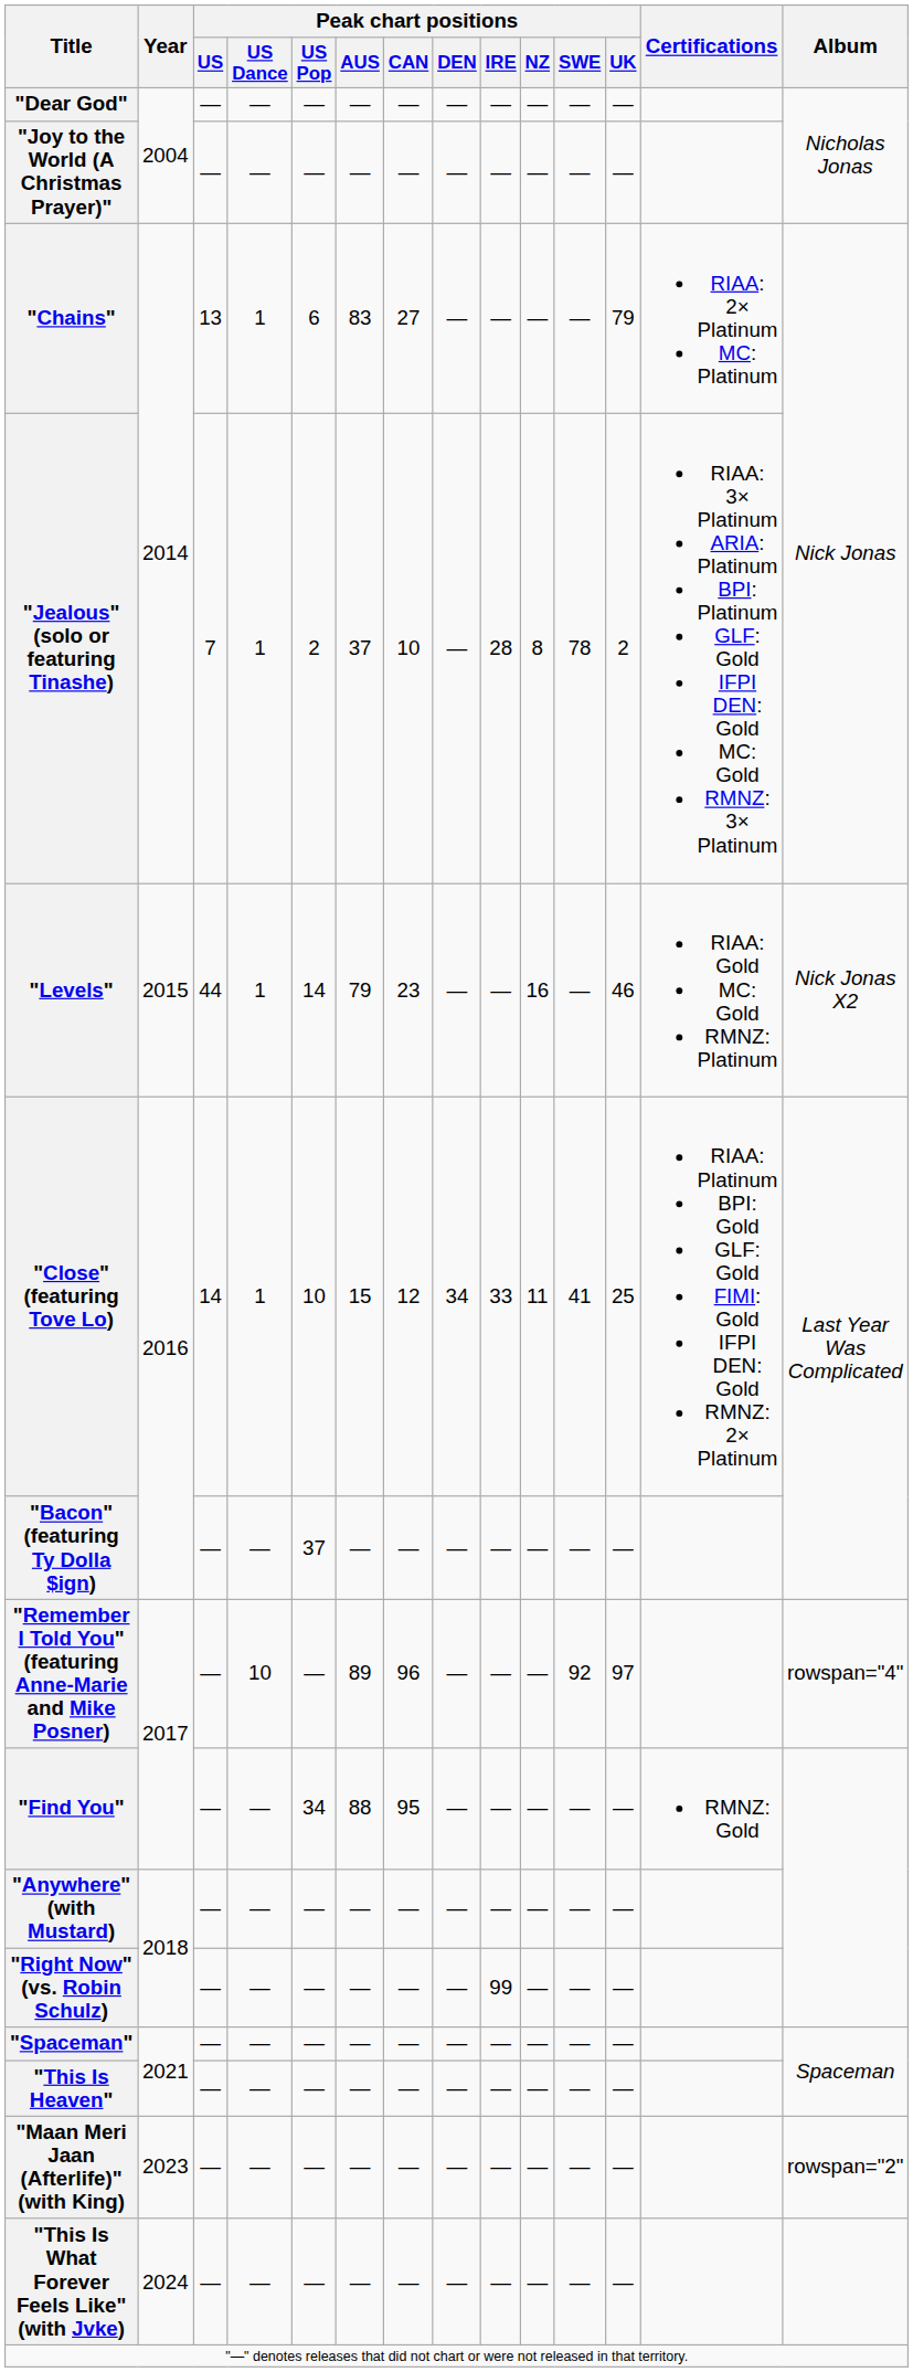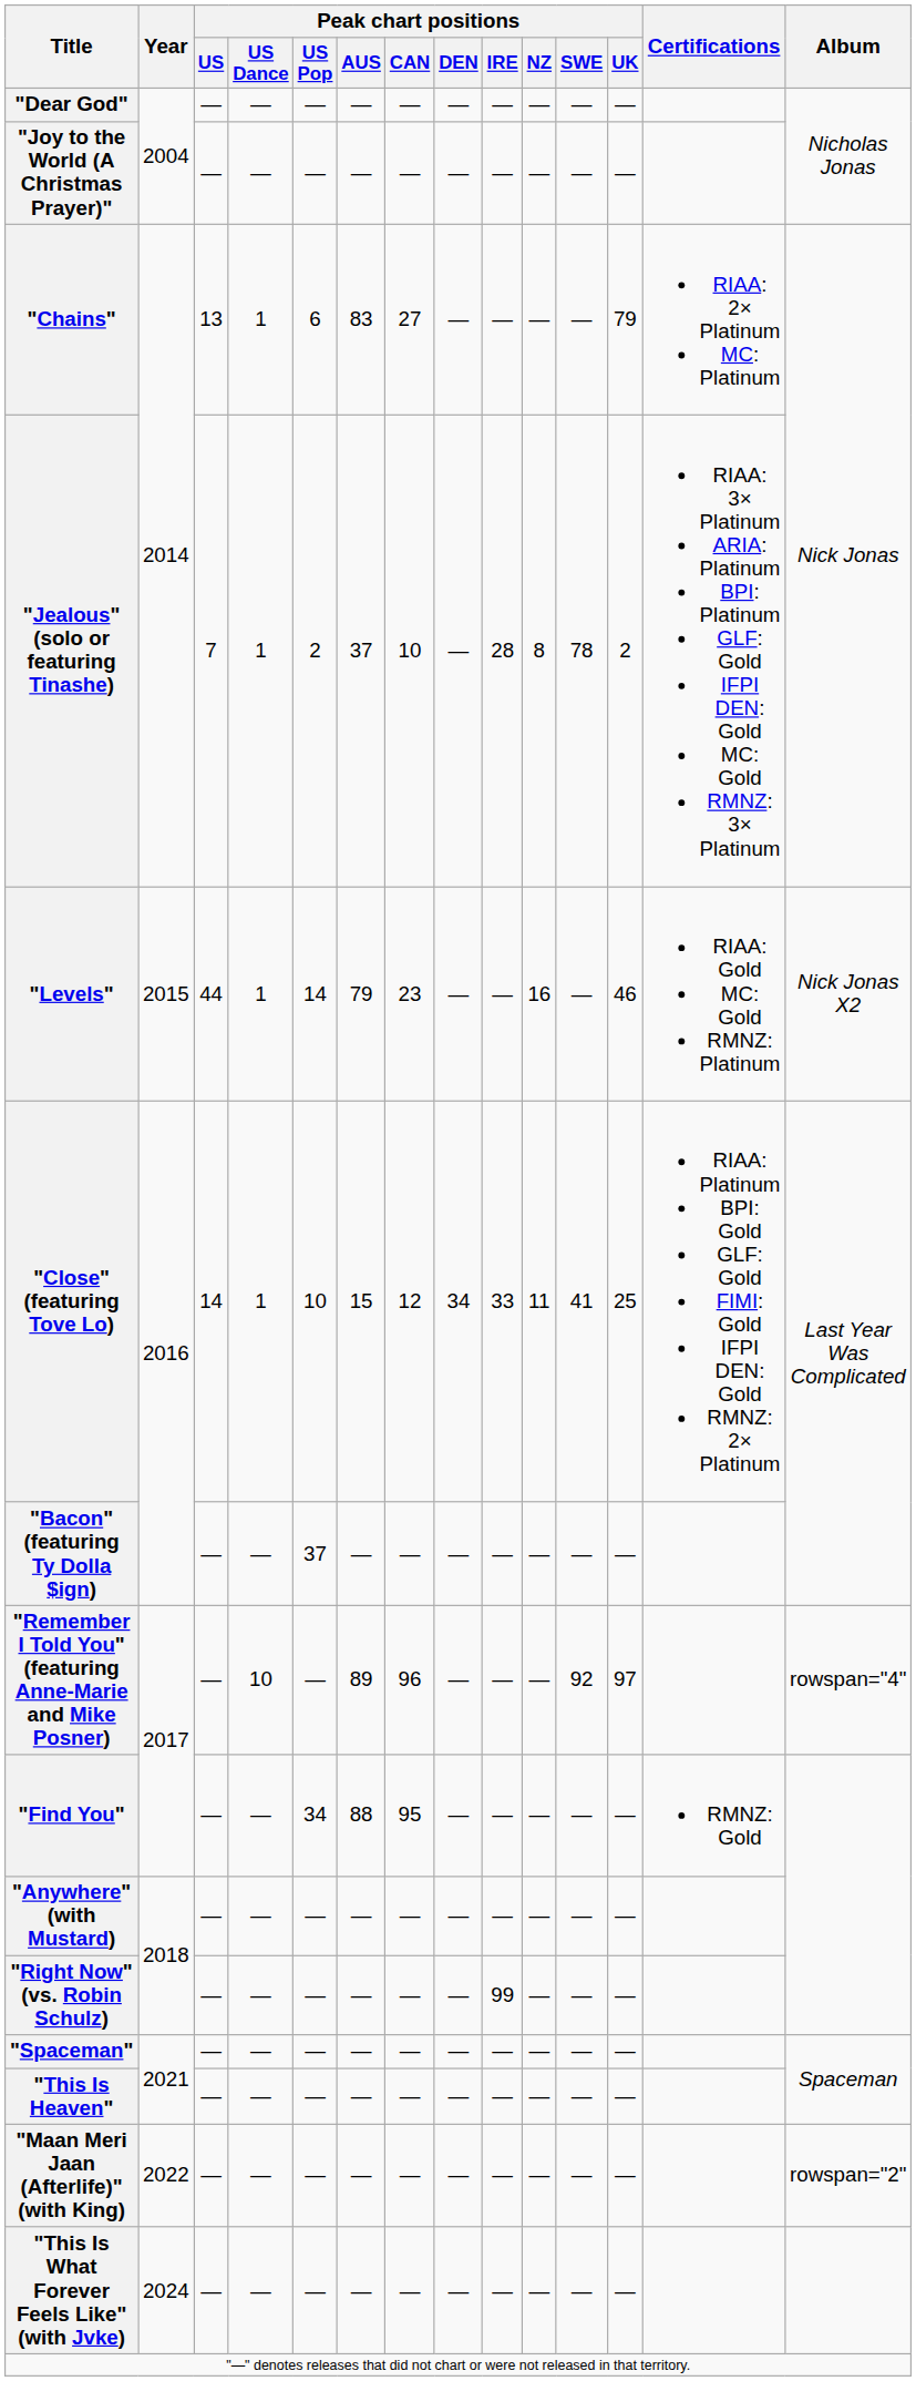 <table class="wikitable plainrowheaders" style="text-align:center;" border="1">
 <tr>
 <th scope="col" rowspan="2" style="width:20em;">Title</th>
 <th scope="col" rowspan="2">Year</th>
 <th scope="col" colspan="10">Peak chart positions</th>
 <th scope="col" rowspan="2"><a href='#'>Certifications</a></th>
 <th scope="col" rowspan="2">Album</th>
 </tr>
 <tr>
 <th scope="col" style="width:3em;font-size:90%;"><a href='#'>US</a><br></th>
 <th scope="col" style="width:3em;font-size:90%;"><a href='#'>US<br>Dance</a><br></th>
 <th scope="col" style="width:3em;font-size:90%;"><a href='#'>US<br>Pop</a><br></th>
 <th scope="col" style="width:3em;font-size:90%;"><a href='#'>AUS</a><br></th>
 <th scope="col" style="width:3em;font-size:90%;"><a href='#'>CAN</a><br></th>
 <th scope="col" style="width:3em;font-size:90%;"><a href='#'>DEN</a><br></th>
 <th scope="col" style="width:3em;font-size:90%;"><a href='#'>IRE</a><br></th>
 <th scope="col" style="width:3em;font-size:90%;"><a href='#'>NZ</a><br></th>
 <th scope="col" style="width:3em;font-size:90%;"><a href='#'>SWE</a><br></th>
 <th scope="col" style="width:3em;font-size:90%;"><a href='#'>UK</a><br></th>
 </tr>
 <tr>
 <th scope="row">"Dear God"</th>
 <td rowspan="2">2004</td>
 <td>—</td>
 <td>—</td>
 <td>—</td>
 <td>—</td>
 <td>—</td>
 <td>—</td>
 <td>—</td>
 <td>—</td>
 <td>—</td>
 <td>—</td>
 <td></td>
 <td rowspan="2"><em>Nicholas Jonas</em></td>
 </tr>
 <tr>
 <th scope="row">"Joy to the World (A Christmas Prayer)"</th>
 <td>—</td>
 <td>—</td>
 <td>—</td>
 <td>—</td>
 <td>—</td>
 <td>—</td>
 <td>—</td>
 <td>—</td>
 <td>—</td>
 <td>—</td>
 <td></td>
 </tr>
 <tr>
 <th scope="row">"<a href='#'>Chains</a>"</th>
 <td rowspan="2">2014</td>
 <td>13</td>
 <td>1</td>
 <td>6</td>
 <td>83</td>
 <td>27</td>
 <td>—</td>
 <td>—</td>
 <td>—</td>
 <td>—</td>
 <td>79</td>
 <td><br><ul><li><a href='#'>RIAA</a>: 2× Platinum</li><li><a href='#'>MC</a>: Platinum</li></ul></td>
 <td rowspan="2"><em>Nick Jonas</em></td>
 </tr>
 <tr>
 <th scope="row">"<a href='#'>Jealous</a>"<br><span>(solo or featuring <a href='#'>Tinashe</a>)</span></th>
 <td>7</td>
 <td>1</td>
 <td>2</td>
 <td>37</td>
 <td>10</td>
 <td>—</td>
 <td>28</td>
 <td>8</td>
 <td>78</td>
 <td>2</td>
 <td><br><ul><li>RIAA: 3× Platinum</li><li><a href='#'>ARIA</a>: Platinum</li><li><a href='#'>BPI</a>: Platinum</li><li><a href='#'>GLF</a>: Gold</li><li><a href='#'>IFPI DEN</a>: Gold</li><li>MC: Gold</li><li><a href='#'>RMNZ</a>: 3× Platinum</li></ul></td>
 </tr>
 <tr>
 <th scope="row">"<a href='#'>Levels</a>"</th>
 <td>2015</td>
 <td>44</td>
 <td>1</td>
 <td>14</td>
 <td>79</td>
 <td>23</td>
 <td>—</td>
 <td>—</td>
 <td>16</td>
 <td>—</td>
 <td>46</td>
 <td><br><ul><li>RIAA: Gold</li><li>MC: Gold</li><li>RMNZ: Platinum</li></ul></td>
 <td><em>Nick Jonas X2</em></td>
 </tr>
 <tr>
 <th scope="row">"<a href='#'>Close</a>"<br><span>(featuring <a href='#'>Tove Lo</a>)</span></th>
 <td rowspan="2">2016</td>
 <td>14</td>
 <td>1</td>
 <td>10</td>
 <td>15</td>
 <td>12</td>
 <td>34</td>
 <td>33</td>
 <td>11</td>
 <td>41</td>
 <td>25</td>
 <td><br><ul><li>RIAA: Platinum</li><li>BPI: Gold</li><li>GLF: Gold</li><li><a href='#'>FIMI</a>: Gold</li><li>IFPI DEN: Gold</li><li>RMNZ: 2× Platinum</li></ul></td>
 <td rowspan="2"><em>Last Year Was<br> Complicated</em></td>
 </tr>
 <tr>
 <th scope="row">"<a href='#'>Bacon</a>"<br><span>(featuring <a href='#'>Ty Dolla $ign</a>)</span></th>
 <td>—</td>
 <td>—</td>
 <td>37</td>
 <td>—</td>
 <td>—</td>
 <td>—</td>
 <td>—</td>
 <td>—</td>
 <td>—</td>
 <td>—</td>
 <td></td>
 </tr>
 <tr>
 <th scope="row">"<a href='#'>Remember I Told You</a>"<br><span>(featuring <a href='#'>Anne-Marie</a> and <a href='#'>Mike Posner</a>)</span></th>
 <td rowspan="2">2017</td>
 <td>—</td>
 <td>10</td>
 <td>—</td>
 <td>89</td>
 <td>96</td>
 <td>—</td>
 <td>—</td>
 <td>—</td>
 <td>92</td>
 <td>97</td>
 <td></td>
 <td>rowspan="4" </td>
 </tr>
 <tr>
 <th scope="row">"<a href='#'>Find You</a>"</th>
 <td>—</td>
 <td>—</td>
 <td>34</td>
 <td>88</td>
 <td>95</td>
 <td>—</td>
 <td>—</td>
 <td>—</td>
 <td>—</td>
 <td>—</td>
 <td><br><ul><li>RMNZ: Gold</li></ul></td>
 </tr>
 <tr>
 <th scope="row">"<a href='#'>Anywhere</a>"<br><span>(with <a href='#'>Mustard</a>)</span></th>
 <td rowspan="2">2018</td>
 <td>—</td>
 <td>—</td>
 <td>—</td>
 <td>—</td>
 <td>—</td>
 <td>—</td>
 <td>—</td>
 <td>—</td>
 <td>—</td>
 <td>—</td>
 <td></td>
 </tr>
 <tr>
 <th scope="row">"<a href='#'>Right Now</a>"<br><span>(vs. <a href='#'>Robin Schulz</a>)</span></th>
 <td>—</td>
 <td>—</td>
 <td>—</td>
 <td>—</td>
 <td>—</td>
 <td>—</td>
 <td>99</td>
 <td>—</td>
 <td>—</td>
 <td>—</td>
 <td></td>
 </tr>
 <tr>
 <th scope="row">"<a href='#'>Spaceman</a>"</th>
 <td rowspan="2">2021</td>
 <td>—</td>
 <td>—</td>
 <td>—</td>
 <td>—</td>
 <td>—</td>
 <td>—</td>
 <td>—</td>
 <td>—</td>
 <td>—</td>
 <td>—</td>
 <td></td>
 <td rowspan="2"><em>Spaceman</em></td>
 </tr>
 <tr>
 <th scope="row">"<a href='#'>This Is Heaven</a>"</th>
 <td>—</td>
 <td>—</td>
 <td>—</td>
 <td>—</td>
 <td>—</td>
 <td>—</td>
 <td>—</td>
 <td>—</td>
 <td>—</td>
 <td>—</td>
 <td></td>
 </tr>
 <tr>
 <th scope="row">"Maan Meri Jaan (Afterlife)"<br><span>(with King)</span></th>
-<td>2023</td>
+<td>2022</td>
 <td>—</td>
 <td>—</td>
 <td>—</td>
 <td>—</td>
 <td>—</td>
 <td>—</td>
 <td>—</td>
 <td>—</td>
 <td>—</td>
 <td>—</td>
 <td></td>
 <td>rowspan="2" </td>
 </tr>
 <tr>
 <th scope="row">"This Is What Forever Feels Like"<br><span>(with <a href='#'>Jvke</a>)</span></th>
 <td>2024</td>
 <td>—</td>
 <td>—</td>
 <td>—</td>
 <td>—</td>
 <td>—</td>
 <td>—</td>
 <td>—</td>
 <td>—</td>
 <td>—</td>
 <td>—</td>
 <td></td>
 </tr>
 <tr>
 <td align="center" colspan="15" style="font-size:8pt">"—" denotes releases that did not chart or were not released in that territory.</td>
 </tr>
 </table>
